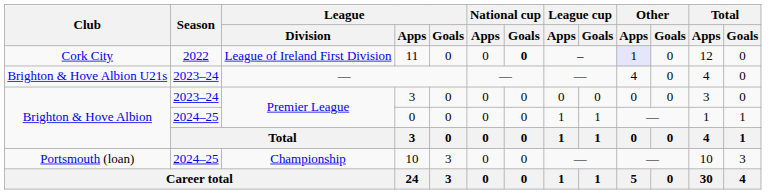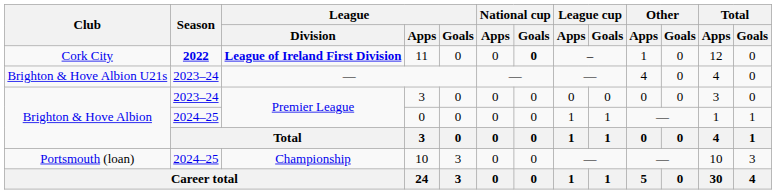 <table class=wikitable style="text-align: center">
 <tr>
 <th rowspan="2">Club</th>
 <th rowspan="2">Season</th>
 <th colspan="3">League</th>
 <th colspan="2">National cup</th>
 <th colspan="2">League cup</th>
 <th colspan="2">Other</th>
 <th colspan="2">Total</th>
 </tr>
 <tr>
 <th>Division</th>
 <th>Apps</th>
 <th>Goals</th>
 <th>Apps</th>
 <th>Goals</th>
 <th>Apps</th>
 <th>Goals</th>
 <th>Apps</th>
 <th>Goals</th>
 <th>Apps</th>
 <th>Goals</th>
 </tr>
 <tr>
 <td><a href='#'>Cork City</a></td>
-<td><a href='#'>2022</a></td>
-<td><a href='#'>League of Ireland First Division</a></td>
+<td><strong><a href='#'>2022</a></strong></td>
+<td><strong><a href='#'>League of Ireland First Division</a></strong></td>
 <td>11</td>
 <td>0</td>
 <td>0</td>
 <td><strong>0</strong></td>
 <td colspan="2">–</td>
-<td style="background: lavender;">1</td>
+<td>1</td>
 <td>0</td>
 <td>12</td>
 <td>0</td>
 </tr>
 <tr>
 <td><a href='#'>Brighton & Hove Albion U21s</a></td>
 <td><a href='#'>2023–24</a></td>
 <td colspan="3">—</td>
 <td colspan="2">—</td>
 <td colspan="2">—</td>
 <td>4</td>
 <td>0</td>
 <td>4</td>
 <td>0</td>
 </tr>
 <tr>
 <td rowspan="3"><a href='#'>Brighton & Hove Albion</a></td>
 <td><a href='#'>2023–24</a></td>
 <td rowspan=2><a href='#'>Premier League</a></td>
 <td>3</td>
 <td>0</td>
 <td>0</td>
 <td>0</td>
 <td>0</td>
 <td>0</td>
 <td>0</td>
 <td>0</td>
 <td>3</td>
 <td>0</td>
 </tr>
 <tr>
 <td><a href='#'>2024–25</a></td>
 <td>0</td>
 <td>0</td>
 <td>0</td>
 <td>0</td>
 <td>1</td>
 <td>1</td>
 <td colspan="2">—</td>
 <td>1</td>
 <td>1</td>
 </tr>
 <tr>
 <th colspan="2">Total</th>
 <th>3</th>
 <th>0</th>
 <th>0</th>
 <th>0</th>
 <th>1</th>
 <th>1</th>
 <th>0</th>
 <th>0</th>
 <th>4</th>
 <th>1</th>
 </tr>
 <tr>
 <td><a href='#'>Portsmouth</a> (loan)</td>
 <td><a href='#'>2024–25</a></td>
 <td><a href='#'>Championship</a></td>
 <td>10</td>
 <td>3</td>
 <td>0</td>
 <td>0</td>
 <td colspan="2">—</td>
 <td colspan="2">—</td>
 <td>10</td>
 <td>3</td>
 </tr>
 <tr>
 <th colspan="3">Career total</th>
 <th>24</th>
 <th>3</th>
 <th>0</th>
 <th>0</th>
 <th>1</th>
 <th>1</th>
 <th>5</th>
 <th>0</th>
 <th>30</th>
 <th>4</th>
 </tr>
 </table>
